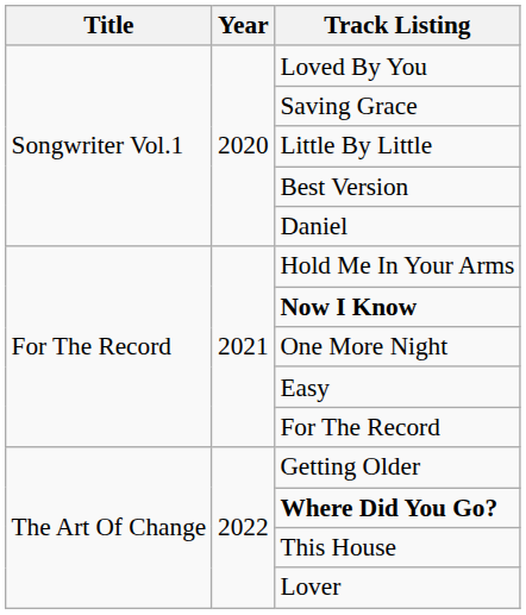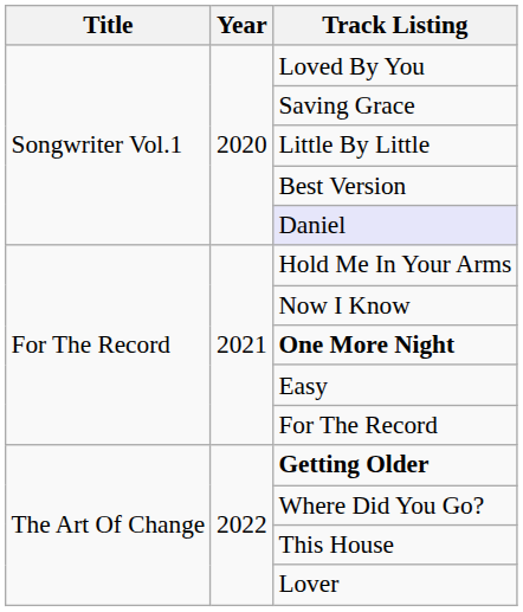 <table class="wikitable">
 <tr>
 <th>Title</th>
 <th>Year</th>
 <th>Track Listing</th>
 </tr>
 <tr>
 <td rowspan="5">Songwriter Vol.1</td>
 <td rowspan="5">2020</td>
 <td>Loved By You</td>
 </tr>
 <tr>
 <td>Saving Grace</td>
 </tr>
 <tr>
 <td>Little By Little</td>
 </tr>
 <tr>
 <td>Best Version</td>
 </tr>
 <tr>
-<td>Daniel</td>
+<td style="background: lavender;">Daniel</td>
 </tr>
 <tr>
 <td rowspan="5">For The Record</td>
 <td rowspan="5">2021</td>
 <td>Hold Me In Your Arms</td>
 </tr>
 <tr>
-<td><strong>Now I Know</strong></td>
+<td>Now I Know</td>
 </tr>
 <tr>
-<td>One More Night</td>
+<td><strong>One More Night</strong></td>
 </tr>
 <tr>
 <td>Easy</td>
 </tr>
 <tr>
 <td>For The Record</td>
 </tr>
 <tr>
 <td rowspan="4">The Art Of Change</td>
 <td rowspan="4">2022</td>
-<td>Getting Older</td>
+<td><strong>Getting Older</strong></td>
 </tr>
 <tr>
-<td><strong>Where Did You Go?</strong></td>
+<td>Where Did You Go?</td>
 </tr>
 <tr>
 <td>This House</td>
 </tr>
 <tr>
 <td>Lover</td>
 </tr>
 </table>
